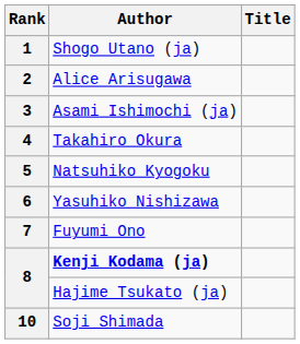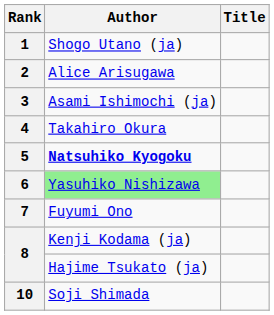 <table class="wikitable sortable" style="font-size:1.00em; line-height:1.5em;">
 <tr>
 <th>Rank</th>
 <th>Author</th>
 <th>Title</th>
 </tr>
 <tr>
 <th>1</th>
 <td><a href='#'>Shogo Utano</a> (<a href='#'>ja</a>)</td>
 <td></td>
 </tr>
 <tr>
 <th>2</th>
 <td><a href='#'>Alice Arisugawa</a></td>
 <td></td>
 </tr>
 <tr>
 <th>3</th>
 <td><a href='#'>Asami Ishimochi</a> (<a href='#'>ja</a>)</td>
 <td></td>
 </tr>
 <tr>
 <th>4</th>
 <td><a href='#'>Takahiro Okura</a></td>
 <td></td>
 </tr>
 <tr>
 <th>5</th>
-<td><a href='#'>Natsuhiko Kyogoku</a></td>
+<td><strong><a href='#'>Natsuhiko Kyogoku</a></strong></td>
 <td></td>
 </tr>
 <tr>
 <th>6</th>
-<td><a href='#'>Yasuhiko Nishizawa</a></td>
+<td style="background: lightgreen;"><a href='#'>Yasuhiko Nishizawa</a></td>
 <td></td>
 </tr>
 <tr>
 <th>7</th>
 <td><a href='#'>Fuyumi Ono</a></td>
 <td></td>
 </tr>
 <tr>
 <th rowspan=2>8</th>
-<td><strong><a href='#'>Kenji Kodama</a> (<a href='#'>ja</a>)</strong></td>
+<td><a href='#'>Kenji Kodama</a> (<a href='#'>ja</a>)</td>
 <td></td>
 </tr>
 <tr>
 <td><a href='#'>Hajime Tsukato</a> (<a href='#'>ja</a>)</td>
 <td></td>
 </tr>
 <tr>
 <th>10</th>
 <td><a href='#'>Soji Shimada</a></td>
 <td></td>
 </tr>
 </table>
